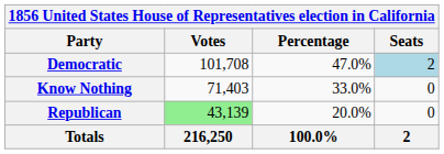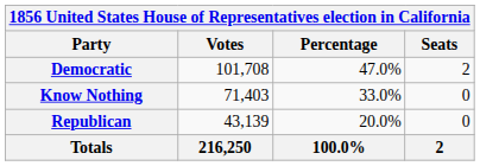 <table class=wikitable>
 <tr>
 <th colspan=6><a href='#'>1856 United States House of Representatives election in California</a></th>
 </tr>
 <tr>
 <th>Party</th>
 <th>Votes</th>
 <th>Percentage</th>
 <th>Seats</th>
 </tr>
 <tr>
 <th><a href='#'>Democratic</a></th>
 <td align=right>101,708</td>
 <td align=right>47.0%</td>
-<td align=right style="background: lightblue;">2</td>
+<td align=right>2</td>
 </tr>
 <tr>
 <th><a href='#'>Know Nothing</a></th>
 <td align=right>71,403</td>
 <td align=right>33.0%</td>
 <td align=right>0</td>
 </tr>
 <tr>
 <th><a href='#'>Republican</a></th>
-<td align=right style="background: lightgreen;">43,139</td>
+<td align=right>43,139</td>
 <td align=right>20.0%</td>
 <td align=right>0</td>
 </tr>
 <tr>
 <th>Totals</th>
 <th>216,250</th>
 <th>100.0%</th>
 <th>2</th>
 </tr>
 </table>
